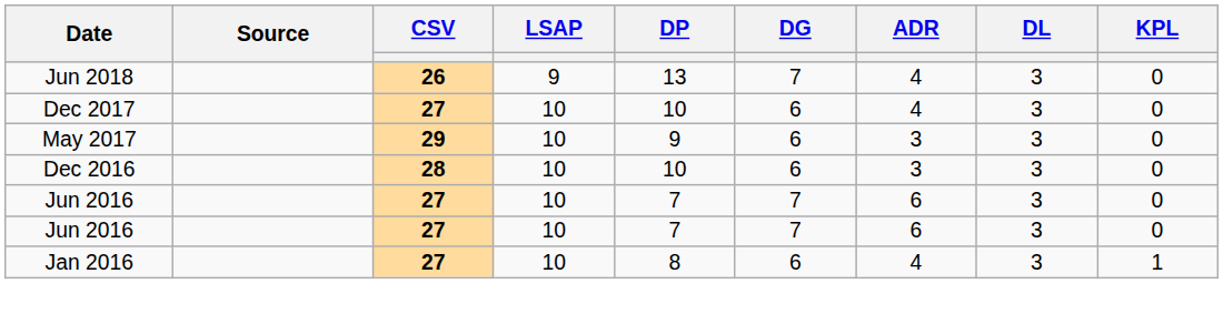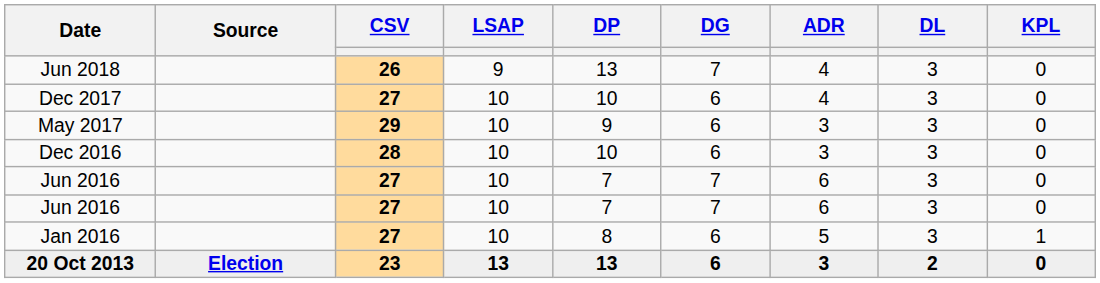 <table class="wikitable" style="text-align:center;font-size:85%;line-height:13px">
 <tr style="height:30px; background-color:#E9E9E9">
 <th style="width:100px;" rowspan="2">Date</th>
 <th style="width:120px;" rowspan="2">Source</th>
 <th style="width:70px;"><a href='#'>CSV</a></th>
 <th style="width:70px;"><a href='#'>LSAP</a></th>
 <th style="width:70px;"><a href='#'>DP</a></th>
 <th style="width:70px;"><a href='#'>DG</a></th>
 <th style="width:70px;"><a href='#'>ADR</a></th>
 <th style="width:70px;"><a href='#'>DL</a></th>
 <th style="width:70px;"><a href='#'>KPL</a></th>
 </tr>
 <tr>
 <th style="background:"></th>
 <th style="background:"></th>
 <th style="background:"></th>
 <th style="background:"></th>
 <th style="background:"></th>
 <th style="background:"></th>
 <th style="background:"></th>
 </tr>
 <tr>
 <td>Jun 2018</td>
 <td></td>
 <td style="background:#ffdb9d"><strong>26</strong></td>
 <td>9</td>
 <td>13</td>
 <td>7</td>
 <td>4</td>
 <td>3</td>
 <td>0</td>
 </tr>
 <tr>
 <td>Dec 2017</td>
 <td></td>
 <td style="background:#ffdb9d"><strong>27</strong></td>
 <td>10</td>
 <td>10</td>
 <td>6</td>
 <td>4</td>
 <td>3</td>
 <td>0</td>
 </tr>
 <tr>
 <td>May 2017</td>
 <td></td>
 <td style="background:#ffdb9d"><strong>29</strong></td>
 <td>10</td>
 <td>9</td>
 <td>6</td>
 <td>3</td>
 <td>3</td>
 <td>0</td>
 </tr>
 <tr>
 <td>Dec 2016</td>
 <td></td>
 <td style="background:#ffdb9d"><strong>28</strong></td>
 <td>10</td>
 <td>10</td>
 <td>6</td>
 <td>3</td>
 <td>3</td>
 <td>0</td>
 </tr>
 <tr>
 <td>Jun 2016</td>
 <td></td>
 <td style="background:#ffdb9d"><strong>27</strong></td>
 <td>10</td>
 <td>7</td>
 <td>7</td>
 <td>6</td>
 <td>3</td>
 <td>0</td>
 </tr>
 <tr>
 <td>Jun 2016</td>
 <td></td>
 <td style="background:#ffdb9d"><strong>27</strong></td>
 <td>10</td>
 <td>7</td>
 <td>7</td>
 <td>6</td>
 <td>3</td>
 <td>0</td>
 </tr>
 <tr>
 <td>Jan 2016</td>
 <td></td>
 <td style="background:#ffdb9d"><strong>27</strong></td>
 <td>10</td>
 <td>8</td>
 <td>6</td>
-<td>4</td>
+<td>5</td>
 <td>3</td>
 <td>1</td>
 </tr>
+<tr style="background:#EFEFEF; font-weight:bold;">
+<td>20 Oct 2013</td>
+<td><a href='#'>Election</a></td>
+<td style="background:#ffdb9d"><strong>23</strong></td>
+<td>13</td>
+<td>13</td>
+<td>6</td>
+<td>3</td>
+<td>2</td>
+<td>0</td>
+</tr>
 </table>
